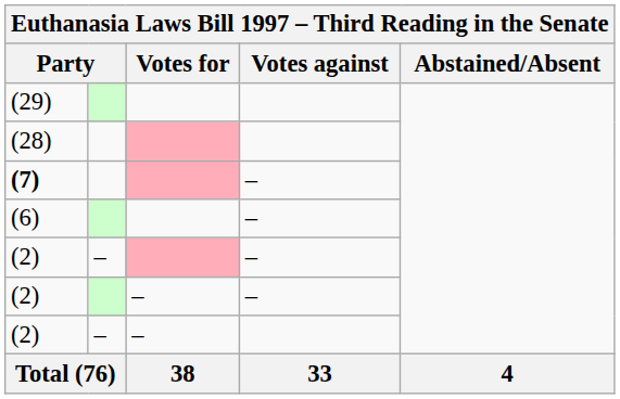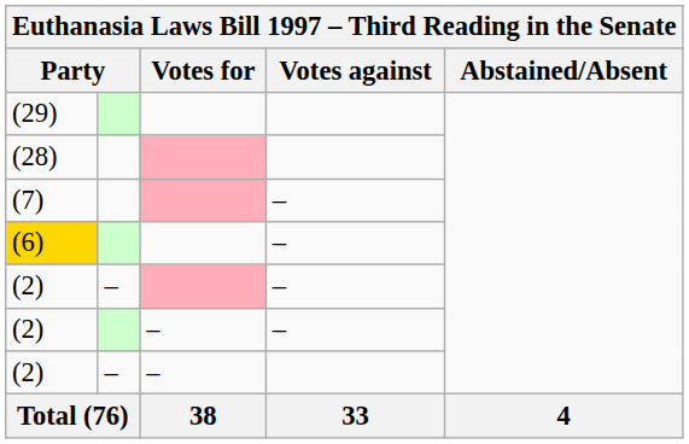 <table class="wikitable mw-collapsible mw-collapsed">
 <tr>
 <th colspan="5">Euthanasia Laws Bill 1997 – Third Reading in the Senate</th>
 </tr>
 <tr>
 <th colspan="2">Party</th>
 <th>Votes for</th>
 <th>Votes against</th>
 <th>Abstained/Absent</th>
 </tr>
 <tr>
 <td> (29)</td>
 <td style="background-color:#CCFFCC;"></td>
 <td></td>
 <td></td>
 </tr>
 <tr>
 <td> (28)</td>
 <td></td>
 <td style="background-color:#FFAEB9;"></td>
 <td></td>
 </tr>
 <tr>
-<td><strong> (7)</strong></td>
+<td> (7)</td>
 <td></td>
 <td style="background-color:#FFAEB9;"></td>
 <td>–</td>
 </tr>
 <tr>
-<td> (6)</td>
+<td style="background: gold;"> (6)</td>
 <td style="background-color:#CCFFCC;"></td>
 <td></td>
 <td>–</td>
 </tr>
 <tr>
 <td> (2)</td>
 <td>–</td>
 <td style="background-color:#FFAEB9;"></td>
 <td>–</td>
 </tr>
 <tr>
 <td> (2)</td>
 <td style="background-color:#CCFFCC;"></td>
 <td>–</td>
 <td>–</td>
 </tr>
 <tr>
 <td> (2)</td>
 <td>–</td>
 <td>–</td>
 <td></td>
 </tr>
 <tr>
 <th colspan=2>Total (76)</th>
 <th>38</th>
 <th>33</th>
 <th>4</th>
 </tr>
 </table>
